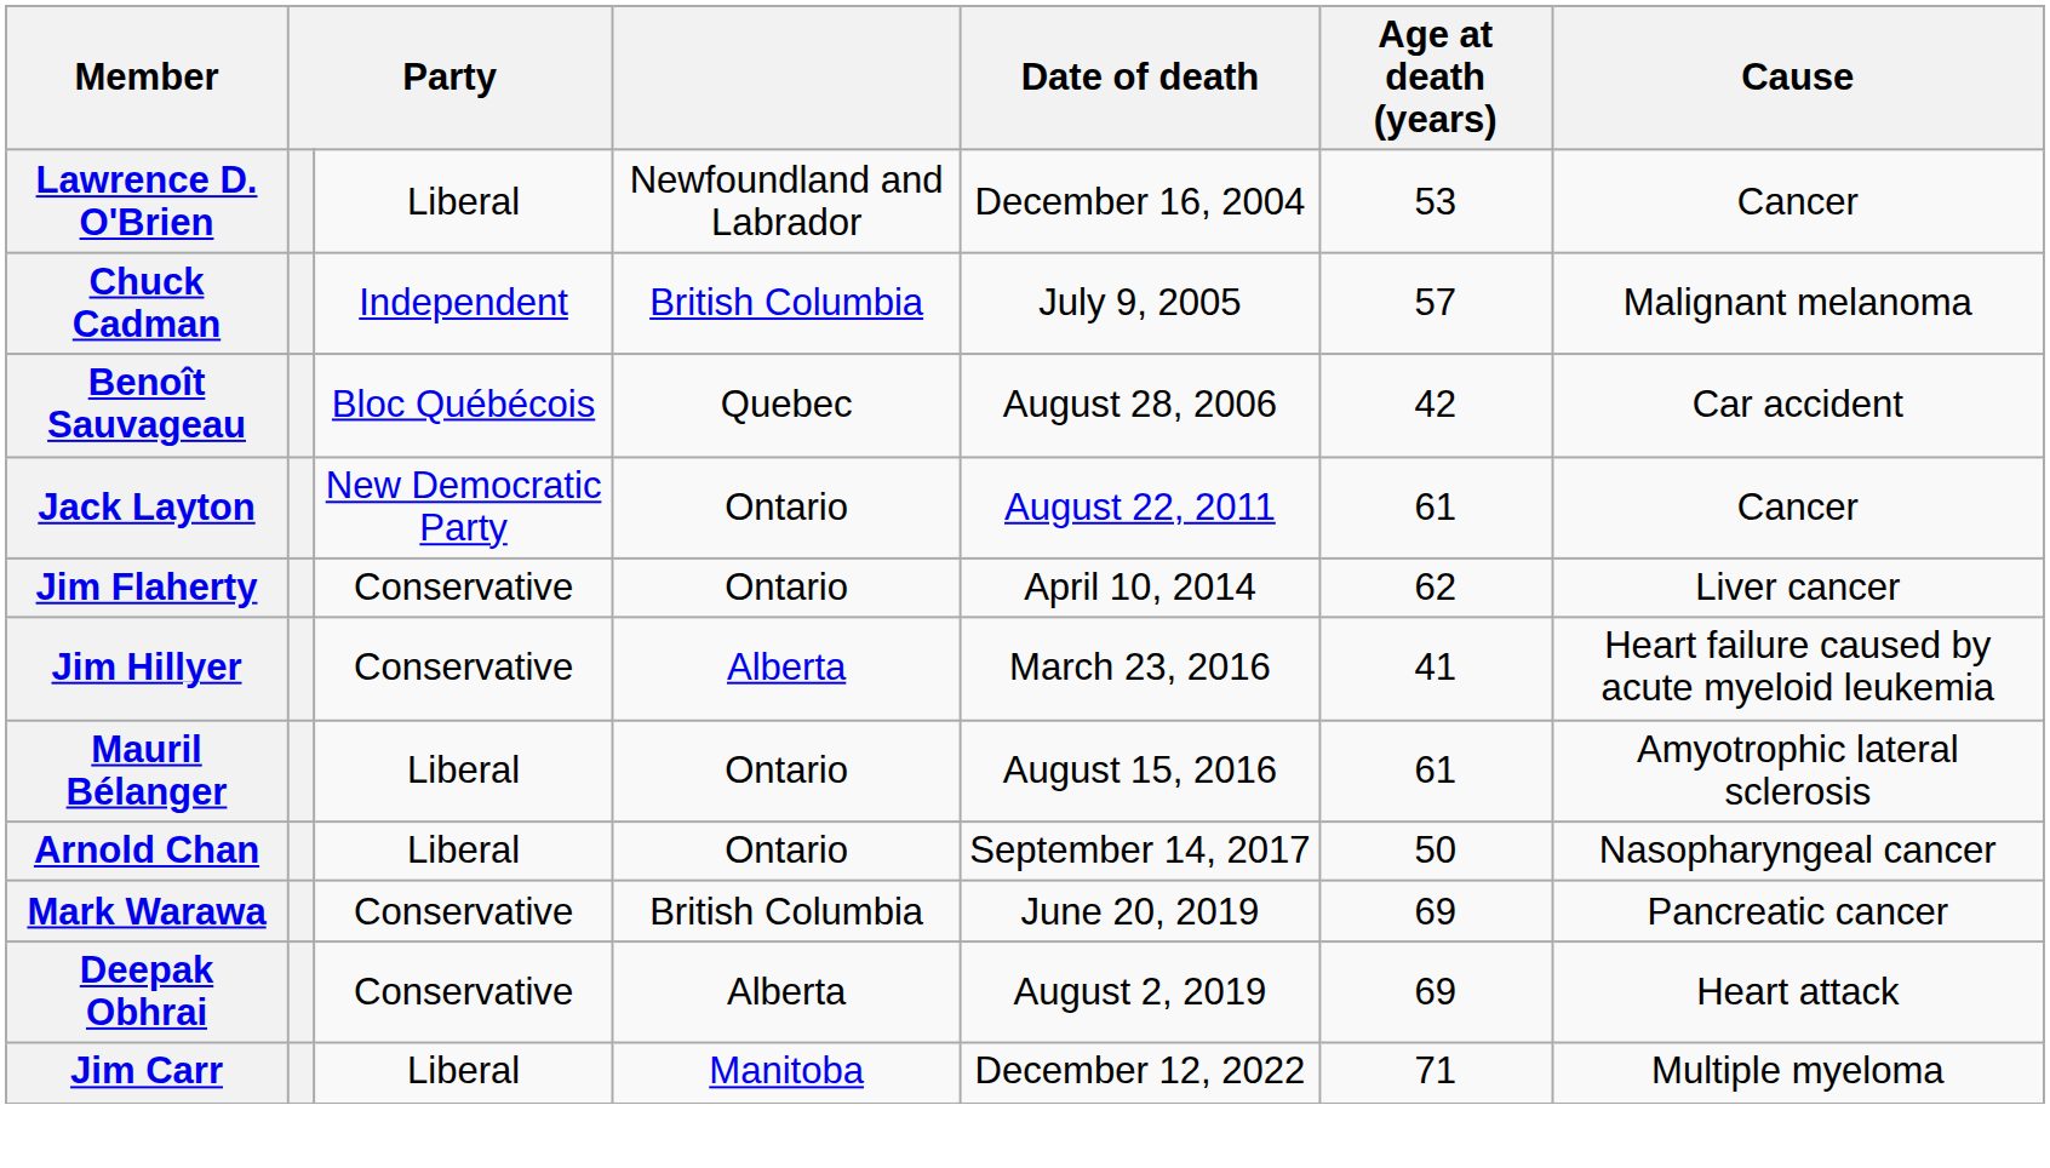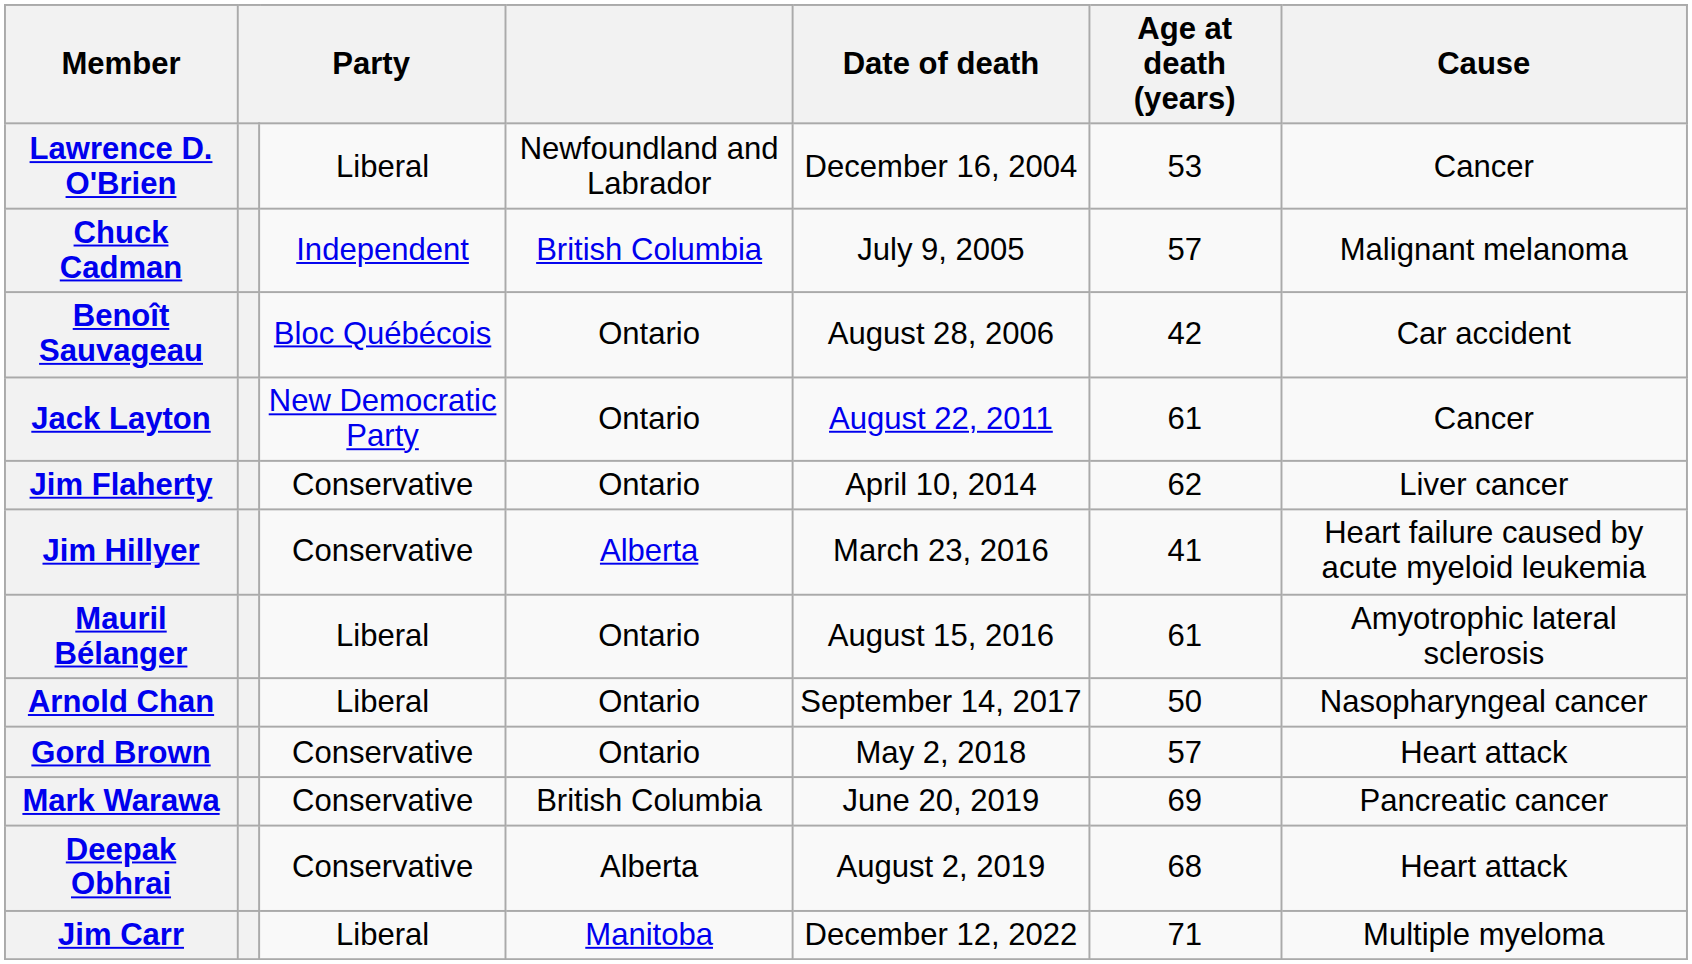 <table class="wikitable sortable" style="text-align:center">
 <tr>
 <th>Member</th>
 <th colspan=2>Party</th>
 <th></th>
 <th>Date of death</th>
 <th>Age at death (years)</th>
 <th>Cause</th>
 </tr>
 <tr>
 <th><a href='#'>Lawrence D. O'Brien</a></th>
 <th style="background:"> </th>
 <td>Liberal</td>
 <td>Newfoundland and Labrador<br></td>
 <td nowrap>December 16, 2004</td>
 <td nowrap>53</td>
 <td>Cancer</td>
 </tr>
 <tr>
 <th><a href='#'>Chuck Cadman</a></th>
 <th style="background:"> </th>
 <td><a href='#'>Independent</a></td>
 <td><a href='#'>British Columbia</a><br></td>
 <td nowrap>July 9, 2005</td>
 <td nowrap>57</td>
 <td>Malignant melanoma</td>
 </tr>
 <tr>
 <th><a href='#'>Benoît Sauvageau</a></th>
 <th style="background:"> </th>
 <td><a href='#'>Bloc Québécois</a></td>
-<td>Quebec<br></td>
+<td>Ontario <br></td>
 <td nowrap>August 28, 2006</td>
 <td nowrap>42</td>
 <td>Car accident</td>
 </tr>
 <tr>
 <th><a href='#'>Jack Layton</a></th>
 <th style="background:"> </th>
 <td><a href='#'>New Democratic Party</a></td>
 <td>Ontario<br></td>
 <td nowrap><a href='#'>August 22, 2011</a></td>
 <td nowrap>61</td>
 <td>Cancer</td>
 </tr>
 <tr>
 <th><a href='#'>Jim Flaherty</a></th>
 <th style="background:"> </th>
 <td>Conservative</td>
 <td>Ontario <br></td>
 <td nowrap>April 10, 2014</td>
 <td nowrap>62</td>
 <td>Liver cancer</td>
 </tr>
 <tr>
 <th><a href='#'>Jim Hillyer</a></th>
 <th style="background:"> </th>
 <td>Conservative</td>
 <td><a href='#'>Alberta</a> <br></td>
 <td nowrap>March 23, 2016</td>
 <td nowrap>41</td>
 <td>Heart failure caused by acute myeloid leukemia</td>
 </tr>
 <tr>
 <th><a href='#'>Mauril Bélanger</a></th>
 <th style="background:"> </th>
 <td>Liberal</td>
 <td>Ontario <br></td>
 <td nowrap>August 15, 2016</td>
 <td nowrap>61</td>
 <td>Amyotrophic lateral sclerosis</td>
 </tr>
 <tr>
 <th><a href='#'>Arnold Chan</a></th>
 <th style="background:"> </th>
 <td>Liberal</td>
 <td>Ontario <br></td>
 <td nowrap>September 14, 2017</td>
 <td nowrap>50</td>
 <td>Nasopharyngeal cancer</td>
 </tr>
 <tr>
+<th><a href='#'>Gord Brown</a></th>
+<th style="background:"> </th>
+<td>Conservative</td>
+<td>Ontario <br></td>
+<td nowrap>May 2, 2018</td>
+<td nowrap>57</td>
+<td>Heart attack</td>
+</tr>
+<tr>
 <th><a href='#'>Mark Warawa</a></th>
 <th style="background:"> </th>
 <td>Conservative</td>
 <td>British Columbia<br></td>
 <td nowrap>June 20, 2019</td>
 <td nowrap>69</td>
 <td>Pancreatic cancer</td>
 </tr>
 <tr>
 <th><a href='#'>Deepak Obhrai</a></th>
 <th style="background:"> </th>
 <td>Conservative</td>
 <td>Alberta <br></td>
 <td nowrap>August 2, 2019</td>
-<td nowrap>69</td>
+<td nowrap>68</td>
 <td>Heart attack</td>
 </tr>
 <tr>
 <th><a href='#'>Jim Carr</a></th>
 <th style="background:"> </th>
 <td>Liberal</td>
 <td><a href='#'>Manitoba</a><br></td>
 <td nowrap>December 12, 2022</td>
 <td nowrap>71</td>
 <td>Multiple myeloma</td>
 </tr>
 <tr>
 </tr>
 </table>
